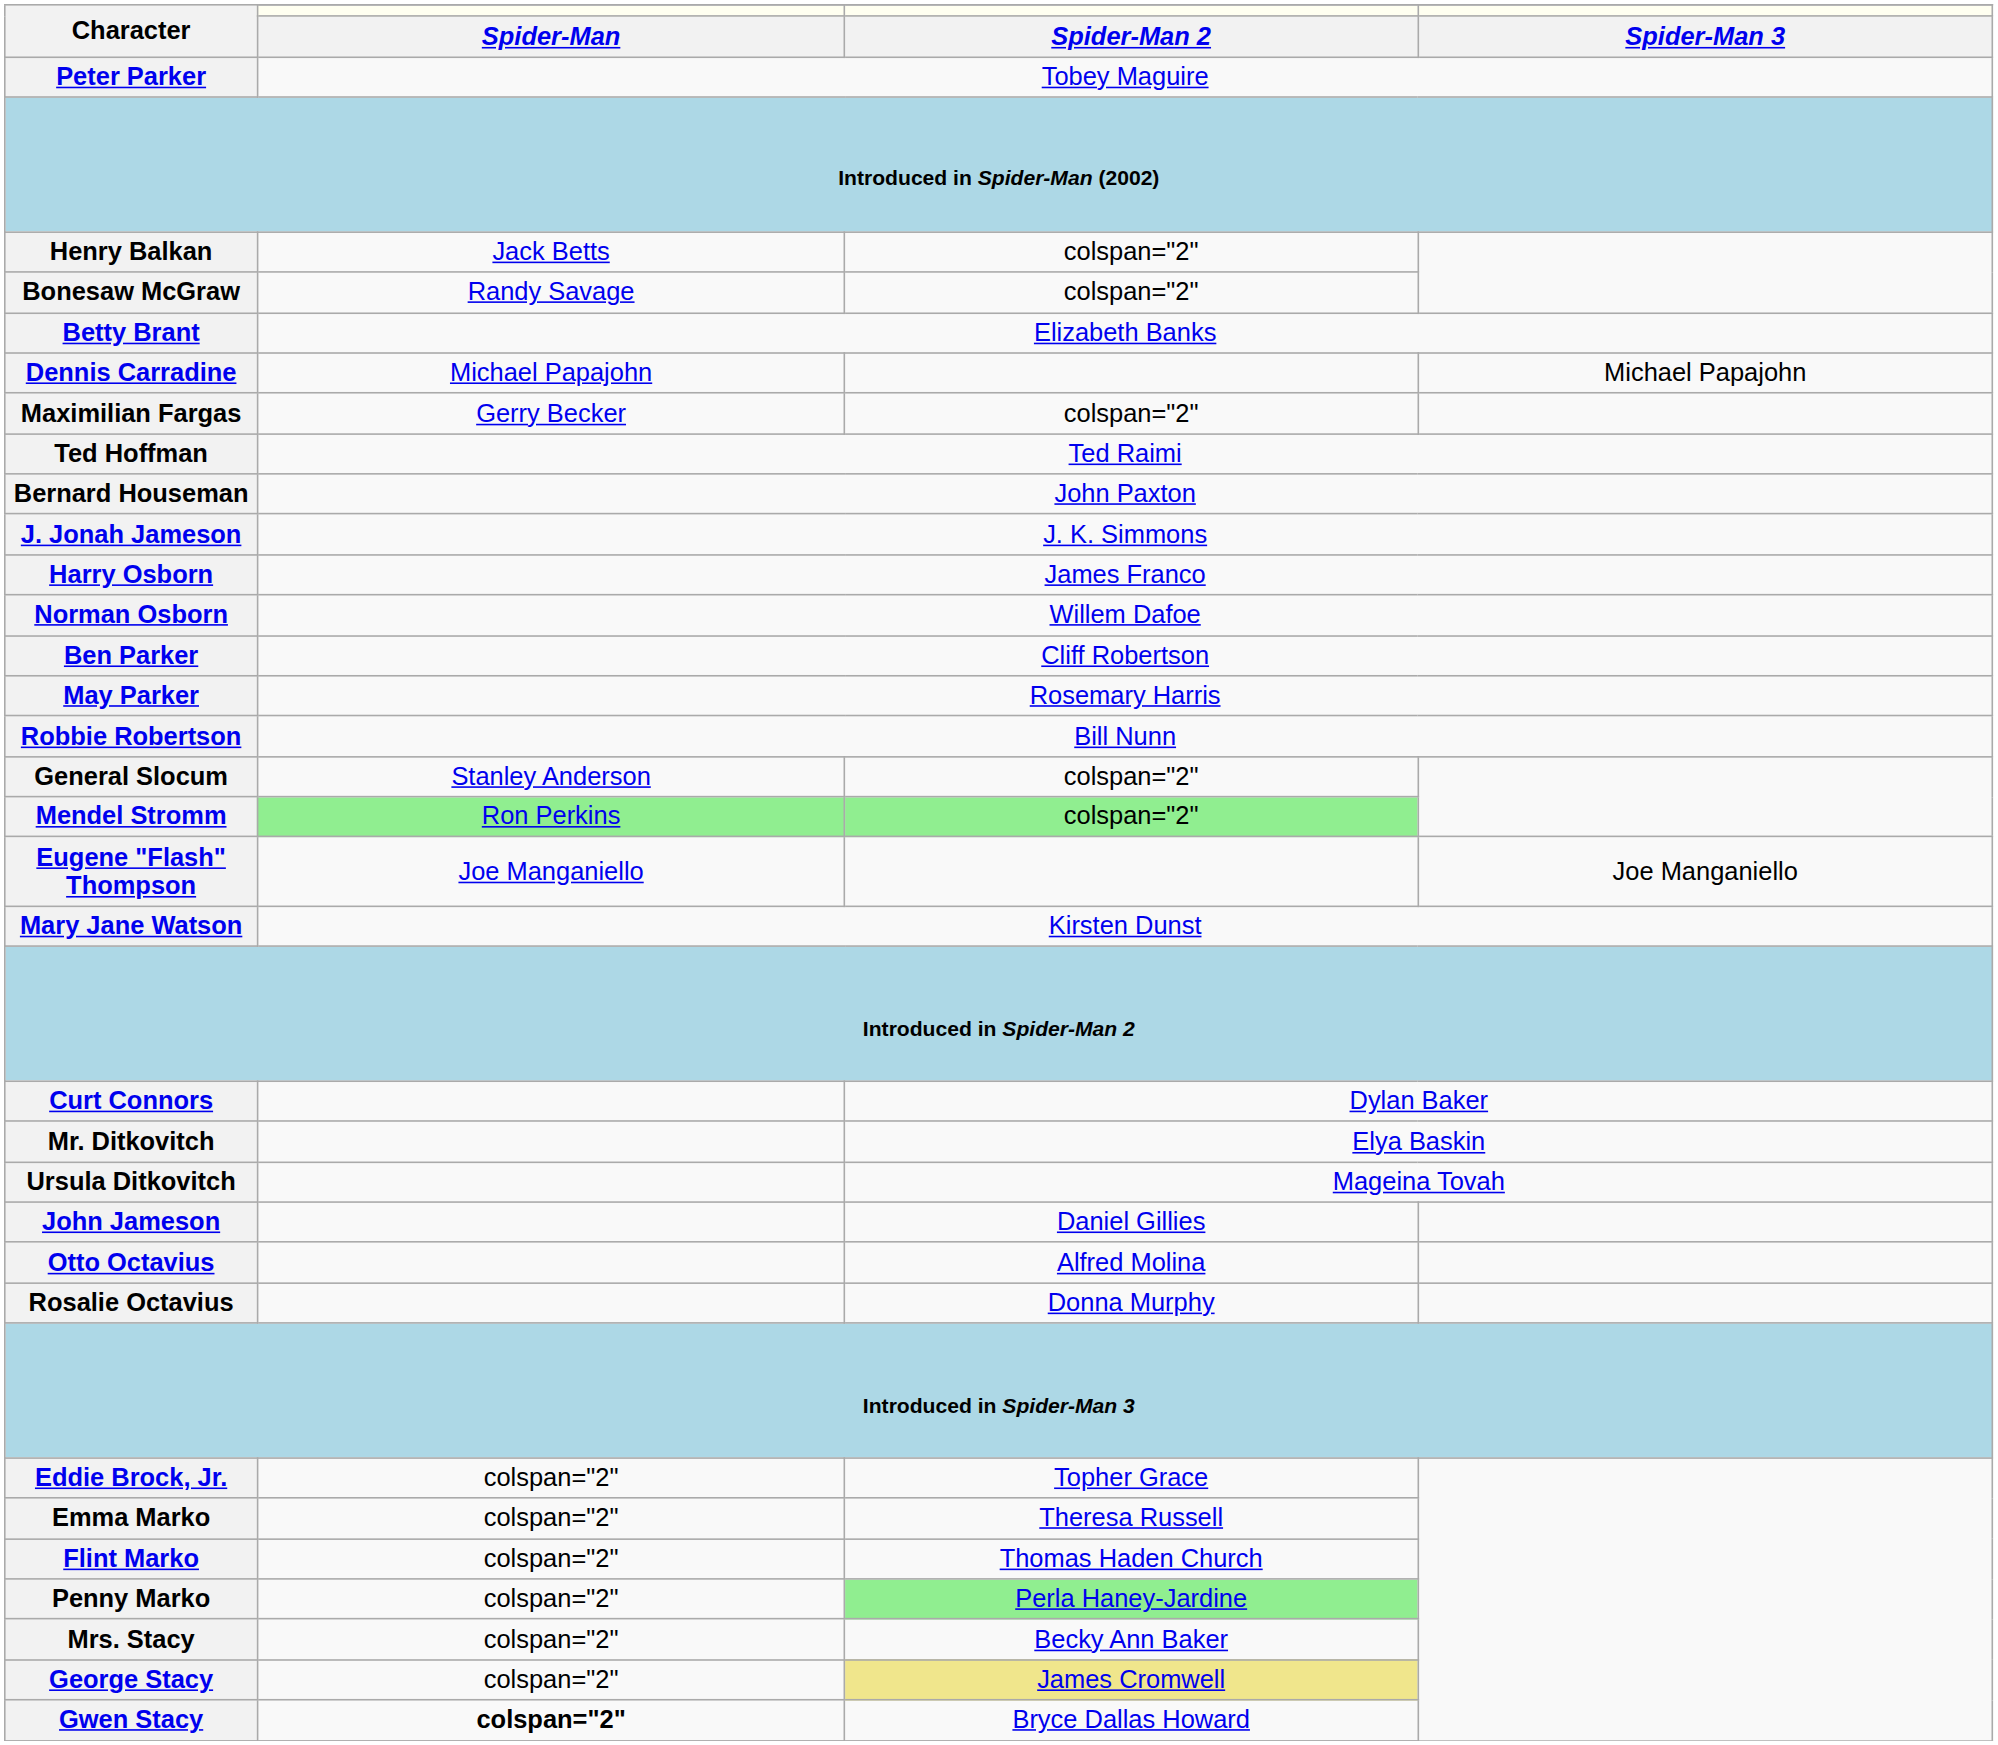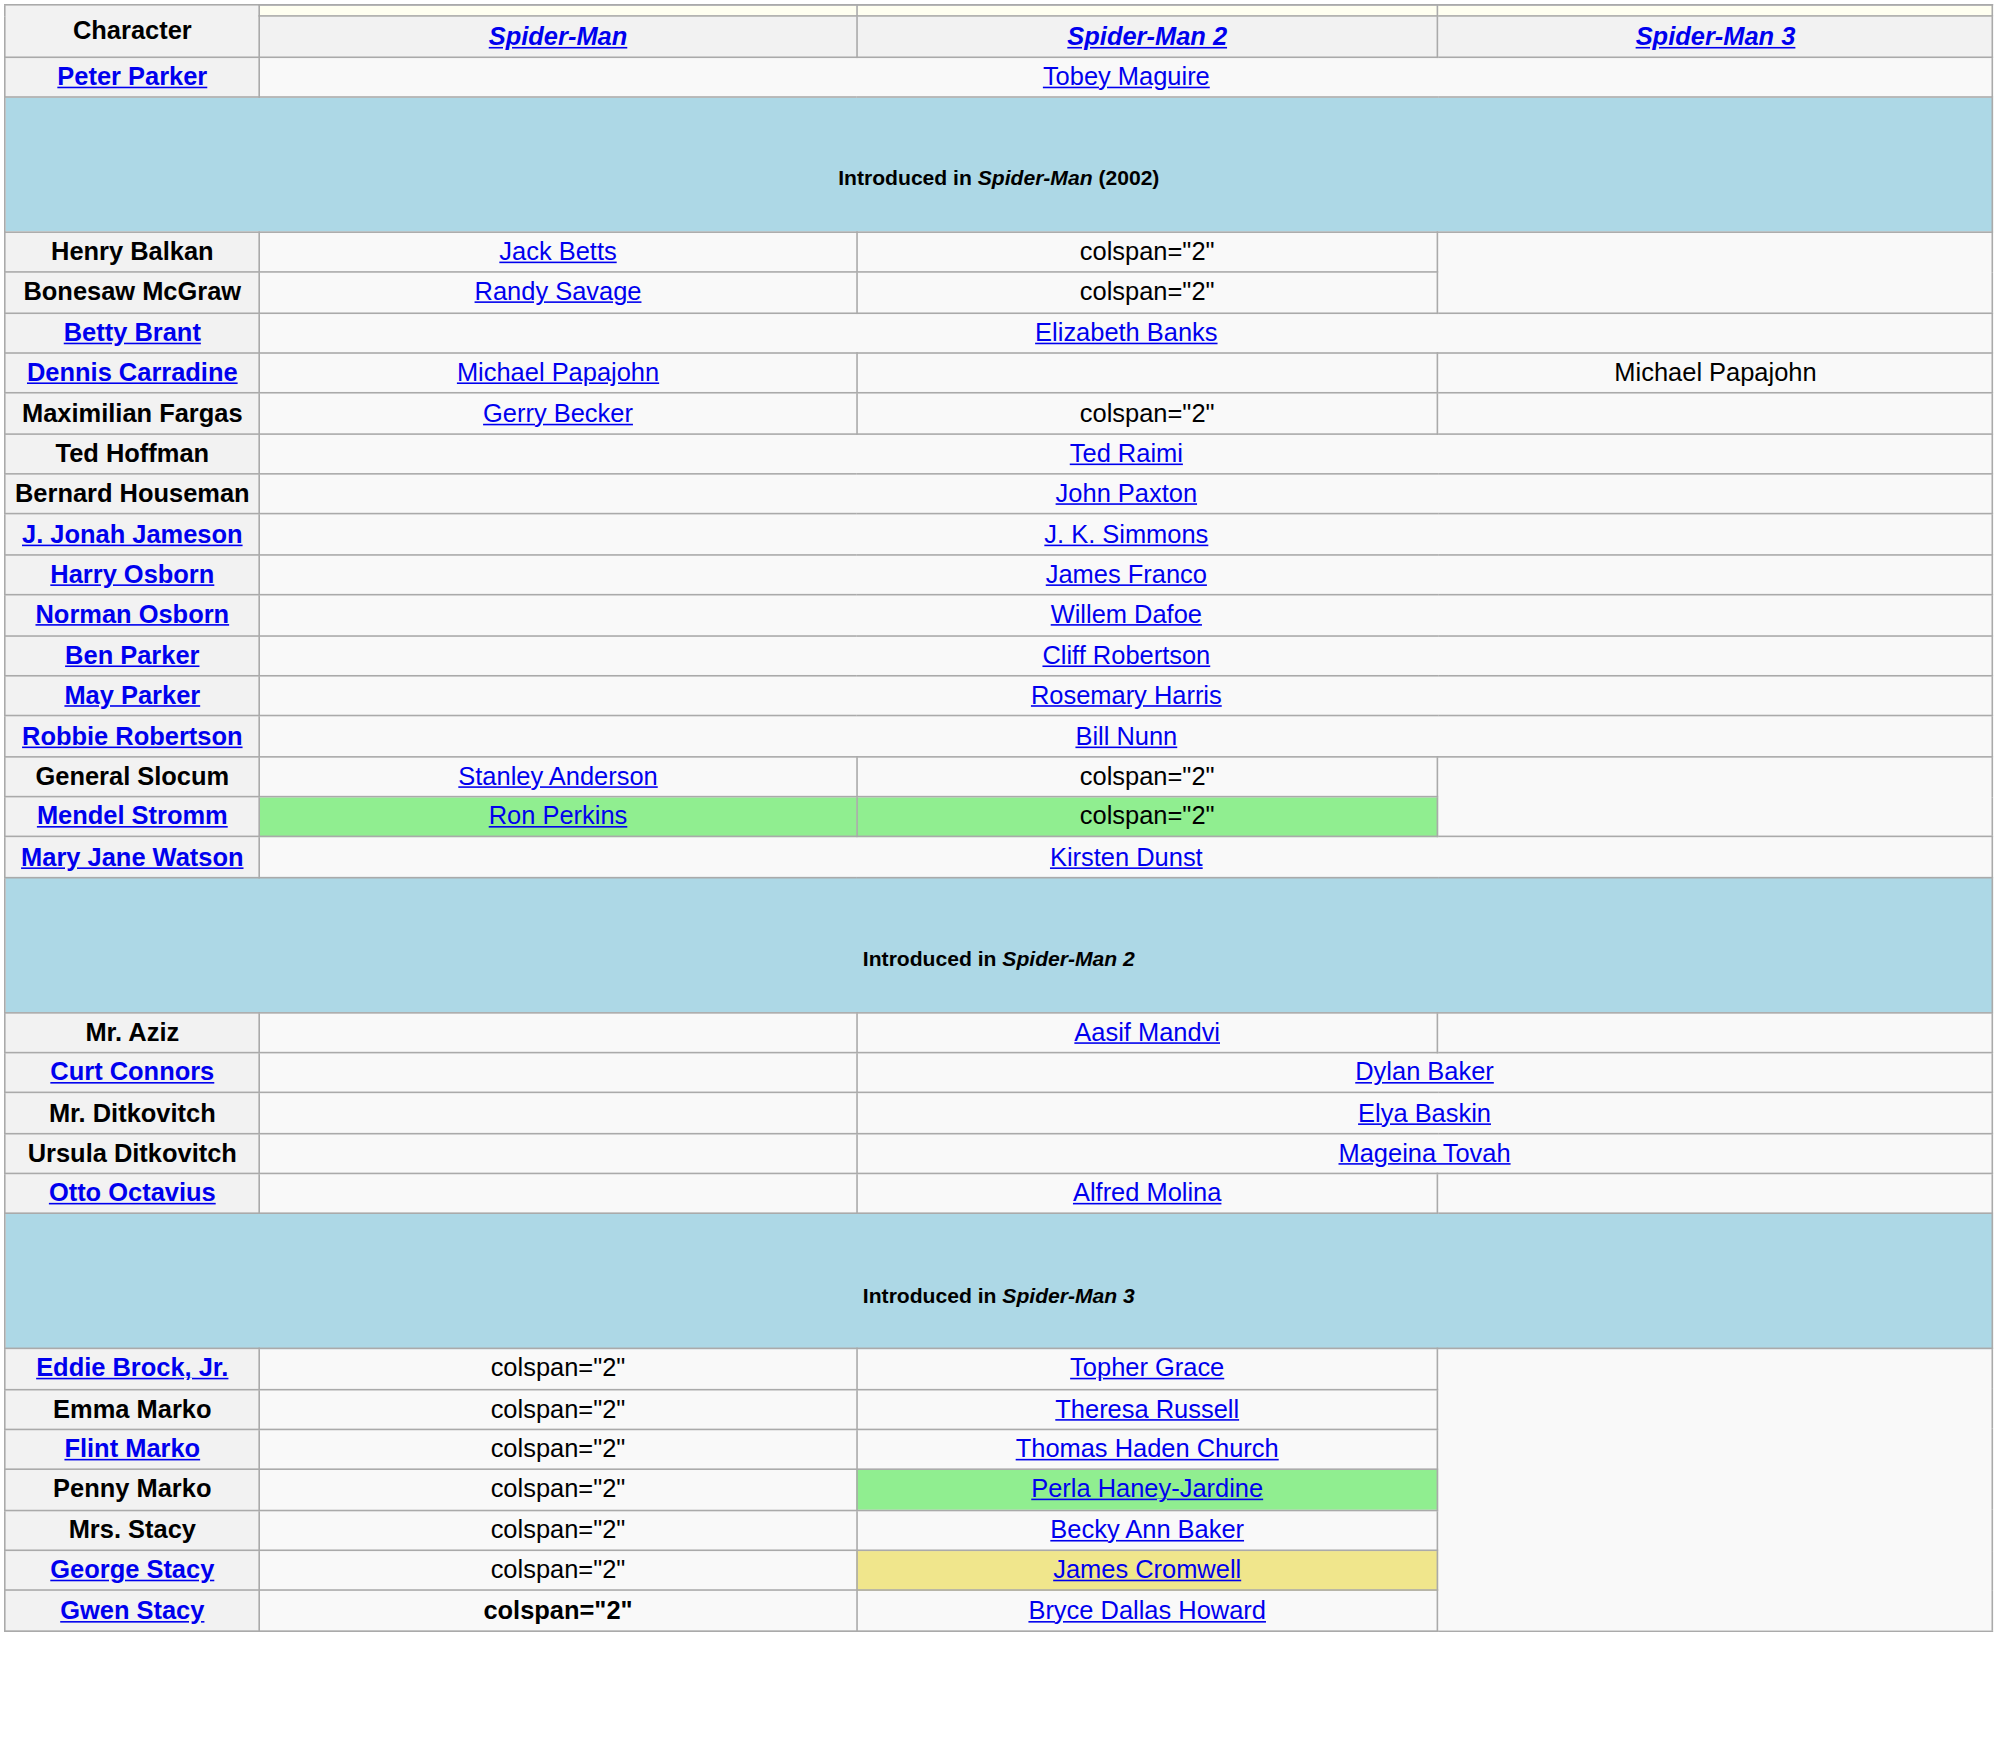 <table class="wikitable" style="text-align:center; width:99%;">
 <tr>
 <th rowspan="3" width="1.3%">Character</th>
 </tr>
 <tr>
 <th style="background:ivory;"></th>
 <th style="background:ivory;"></th>
 <th style="background:ivory;"></th>
 </tr>
 <tr>
 <th align="center" width="5%"><a href='#'><em>Spider-Man</em></a></th>
 <th align="center" width="5%"><em><a href='#'>Spider-Man 2</a></em></th>
 <th align="center" width="5%"><em><a href='#'>Spider-Man 3</a></em></th>
 </tr>
 <tr>
 <th scope="row"><a href='#'>Peter Parker<br></a></th>
 <td colspan="3"><a href='#'>Tobey Maguire</a></td>
 </tr>
 <tr>
 <th colspan="4" style="background:lightblue;"><br><h5>Introduced in <em>Spider-Man</em> (2002)</h5></th>
 </tr>
 <tr>
 <th scope="row">Henry Balkan</th>
 <td><a href='#'>Jack Betts</a></td>
 <td>colspan="2" </td>
 </tr>
 <tr>
 <th scope="row">Bonesaw McGraw</th>
 <td><a href='#'>Randy Savage</a></td>
 <td>colspan="2" </td>
 </tr>
 <tr>
 <th scope="row"><a href='#'>Betty Brant</a></th>
 <td colspan="3"><a href='#'>Elizabeth Banks</a></td>
 </tr>
 <tr>
 <th scope="row"><a href='#'>Dennis Carradine</a></th>
 <td><a href='#'>Michael Papajohn</a></td>
 <td></td>
 <td>Michael Papajohn</td>
 </tr>
 <tr>
 <th scope="row">Maximilian Fargas</th>
 <td><a href='#'>Gerry Becker</a></td>
 <td>colspan="2" </td>
 </tr>
 <tr>
 <th scope="row">Ted Hoffman</th>
 <td colspan="3"><a href='#'>Ted Raimi</a></td>
 </tr>
 <tr>
 <th scope="row">Bernard Houseman</th>
 <td colspan="3"><a href='#'>John Paxton</a></td>
 </tr>
 <tr>
 <th scope="row"><a href='#'>J. Jonah Jameson</a></th>
 <td colspan="3"><a href='#'>J. K. Simmons</a></td>
 </tr>
 <tr>
 <th scope="row"><a href='#'>Harry Osborn<br></a></th>
 <td colspan="3"><a href='#'>James Franco</a></td>
 </tr>
 <tr>
 <th scope="row"><a href='#'>Norman Osborn<br></a></th>
 <td colspan="3"><a href='#'>Willem Dafoe</a></td>
 </tr>
 <tr>
 <th scope="row"><a href='#'>Ben Parker</a></th>
 <td colspan="3"><a href='#'>Cliff Robertson</a></td>
 </tr>
 <tr>
 <th scope="row"><a href='#'>May Parker</a></th>
 <td colspan="3"><a href='#'>Rosemary Harris</a></td>
 </tr>
 <tr>
 <th scope="row"><a href='#'>Robbie Robertson</a></th>
 <td colspan="3"><a href='#'>Bill Nunn</a></td>
 </tr>
 <tr>
 <th scope="row">General Slocum</th>
 <td><a href='#'>Stanley Anderson</a></td>
 <td>colspan="2" </td>
 </tr>
 <tr>
 <th scope="row"><a href='#'>Mendel Stromm</a></th>
 <td style="background: lightgreen;"><a href='#'>Ron Perkins</a></td>
 <td style="background: lightgreen;">colspan="2" </td>
 </tr>
 <tr>
-<th scope="row"><a href='#'>Eugene "Flash" Thompson</a></th>
-<td><a href='#'>Joe Manganiello</a></td>
-<td></td>
-<td>Joe Manganiello</td>
-</tr>
-<tr>
 <th scope="row"><a href='#'>Mary Jane Watson</a></th>
 <td colspan="3"><a href='#'>Kirsten Dunst</a></td>
 </tr>
 <tr>
 <th colspan="4" style="background:lightblue;"><br><h5>Introduced in <em>Spider-Man 2</em></h5></th>
+</tr>
+<tr>
+<th scope="row">Mr. Aziz</th>
+<td></td>
+<td><a href='#'>Aasif Mandvi</a></td>
+<td></td>
 </tr>
 <tr>
 <th scope="row"><a href='#'>Curt Connors</a></th>
 <td></td>
 <td colspan="2"><a href='#'>Dylan Baker</a></td>
 </tr>
 <tr>
 <th scope="row">Mr. Ditkovitch</th>
 <td></td>
 <td colspan="2"><a href='#'>Elya Baskin</a></td>
 </tr>
 <tr>
 <th scope="row">Ursula Ditkovitch</th>
 <td></td>
 <td colspan="2"><a href='#'>Mageina Tovah</a></td>
 </tr>
 <tr>
-<th scope="row"><a href='#'>John Jameson</a></th>
-<td></td>
-<td><a href='#'>Daniel Gillies</a></td>
-<td></td>
-</tr>
-<tr>
 <th scope="row"><a href='#'>Otto Octavius<br></a></th>
 <td></td>
 <td><a href='#'>Alfred Molina</a></td>
-<td></td>
-</tr>
-<tr>
-<th scope="row">Rosalie Octavius</th>
-<td></td>
-<td><a href='#'>Donna Murphy</a></td>
 <td></td>
 </tr>
 <tr>
 <th colspan="4" style="background:lightblue;"><br><h5>Introduced in <em>Spider-Man 3</em></h5></th>
 </tr>
 <tr>
 <th scope="row"><a href='#'>Eddie Brock, Jr.<br></a></th>
 <td>colspan="2" </td>
 <td><a href='#'>Topher Grace</a></td>
 </tr>
 <tr>
 <th scope="row">Emma Marko</th>
 <td>colspan="2" </td>
 <td><a href='#'>Theresa Russell</a></td>
 </tr>
 <tr>
 <th scope="row"><a href='#'>Flint Marko<br></a></th>
 <td>colspan="2" </td>
 <td><a href='#'>Thomas Haden Church</a></td>
 </tr>
 <tr>
 <th scope="row">Penny Marko</th>
 <td>colspan="2" </td>
 <td style="background: lightgreen;"><a href='#'>Perla Haney-Jardine</a></td>
 </tr>
 <tr>
 <th scope="row">Mrs. Stacy</th>
 <td>colspan="2" </td>
 <td><a href='#'>Becky Ann Baker</a></td>
 </tr>
 <tr>
 <th scope="row"><a href='#'>George Stacy</a></th>
 <td>colspan="2" </td>
 <td style="background: khaki;"><a href='#'>James Cromwell</a></td>
 </tr>
 <tr>
 <th scope="row"><a href='#'>Gwen Stacy</a></th>
 <td><strong>colspan="2" </strong></td>
 <td><a href='#'>Bryce Dallas Howard</a></td>
 </tr>
 <tr>
 </tr>
 </table>
